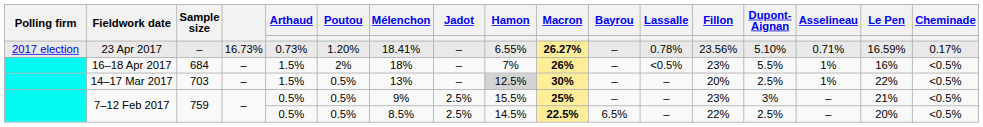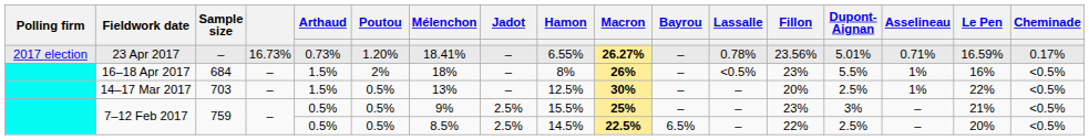 <table class="wikitable sortable" style="text-align:center;font-size:90%;line-height:14px;">
 <tr style="height:40px;">
 <th style="width:100px;" rowspan="2">Polling firm</th>
 <th style="width:110px;" rowspan="2">Fieldwork date</th>
 <th style="width:35px;" rowspan="2">Sample<br>size</th>
 <th style="width:30px;" rowspan="2"></th>
 <th class="unsortable" style="width:60px;"><a href='#'>Arthaud</a><br></th>
 <th class="unsortable" style="width:60px;"><a href='#'>Poutou</a><br></th>
 <th class="unsortable" style="width:60px;"><a href='#'>Mélenchon</a><br></th>
 <th class="unsortable" style="width:60px;"><a href='#'>Jadot</a><br></th>
 <th class="unsortable" style="width:60px;"><a href='#'>Hamon</a><br></th>
 <th class="unsortable" style="width:60px;"><a href='#'>Macron</a><br></th>
 <th class="unsortable" style="width:60px;"><a href='#'>Bayrou</a><br></th>
 <th class="unsortable" style="width:60px;"><a href='#'>Lassalle</a><br></th>
 <th class="unsortable" style="width:60px;"><a href='#'>Fillon</a><br></th>
 <th class="unsortable" style="width:60px;"><a href='#'>Dupont-Aignan</a><br></th>
 <th class="unsortable" style="width:60px;"><a href='#'>Asselineau</a><br></th>
 <th class="unsortable" style="width:60px;"><a href='#'>Le Pen</a><br></th>
 <th class="unsortable" style="width:60px;"><a href='#'>Cheminade</a><br></th>
 </tr>
 <tr>
 <th style="background:"></th>
 <th style="background:"></th>
 <th style="background:"></th>
 <th style="background:"></th>
 <th style="background:"></th>
 <th style="background:"></th>
 <th style="background:"></th>
 <th style="background:"></th>
 <th style="background:"></th>
 <th style="background:"></th>
 <th style="background:"></th>
 <th style="background:"></th>
 <th style="background:"></th>
 </tr>
 <tr style="background:#E9E9E9;">
 <td><a href='#'>2017 election</a></td>
 <td data-sort-value="2017-04-23">23 Apr 2017</td>
 <td>–</td>
 <td>16.73%</td>
 <td>0.73%</td>
 <td>1.20%</td>
 <td>18.41%</td>
 <td>–</td>
 <td>6.55%</td>
 <td style="background:#FFED99;"><strong>26.27%</strong></td>
 <td>–</td>
 <td>0.78%</td>
 <td>23.56%</td>
-<td>5.10%</td>
+<td>5.01%</td>
 <td>0.71%</td>
 <td>16.59%</td>
 <td>0.17%</td>
 </tr>
 <tr>
 <td style="background:#04FBF4;"></td>
 <td data-sort-value="2017-04-18">16–18 Apr 2017</td>
 <td>684</td>
 <td>–</td>
 <td>1.5%</td>
 <td>2%</td>
 <td>18%</td>
 <td>–</td>
-<td>7%</td>
+<td>8%</td>
 <td style="background:#FFED99;"><strong>26%</strong></td>
 <td>–</td>
 <td data-sort-value="0%"><0.5%</td>
 <td>23%</td>
 <td>5.5%</td>
 <td>1%</td>
 <td>16%</td>
 <td data-sort-value="0%"><0.5%</td>
 </tr>
 <tr>
 <td style="background:#04FBF4;"></td>
 <td data-sort-value="2017-03-17">14–17 Mar 2017</td>
 <td>703</td>
 <td>–</td>
 <td>1.5%</td>
 <td>0.5%</td>
 <td>13%</td>
 <td>–</td>
-<td style="background: lightgrey;">12.5%</td>
+<td>12.5%</td>
 <td style="background:#FFED99;"><strong>30%</strong></td>
 <td>–</td>
 <td>–</td>
 <td>20%</td>
 <td>2.5%</td>
 <td>1%</td>
 <td>22%</td>
 <td data-sort-value="0%"><0.5%</td>
 </tr>
 <tr>
 <td rowspan="2" style="background:#04FBF4;"></td>
 <td rowspan="2" data-sort-value="2017-02-12">7–12 Feb 2017</td>
 <td rowspan="2">759</td>
 <td rowspan="2">–</td>
 <td>0.5%</td>
 <td>0.5%</td>
 <td>9%</td>
 <td>2.5%</td>
 <td>15.5%</td>
 <td style="background:#FFED99;"><strong>25%</strong></td>
 <td>–</td>
 <td>–</td>
 <td>23%</td>
 <td>3%</td>
 <td>–</td>
 <td>21%</td>
 <td data-sort-value="0%"><0.5%</td>
 </tr>
 <tr>
 <td>0.5%</td>
 <td>0.5%</td>
 <td>8.5%</td>
 <td>2.5%</td>
 <td>14.5%</td>
 <td style="background:#FFED99;"><strong>22.5%</strong></td>
 <td>6.5%</td>
 <td>–</td>
 <td>22%</td>
 <td>2.5%</td>
 <td>–</td>
 <td>20%</td>
 <td data-sort-value="0%"><0.5%</td>
 </tr>
 </table>
